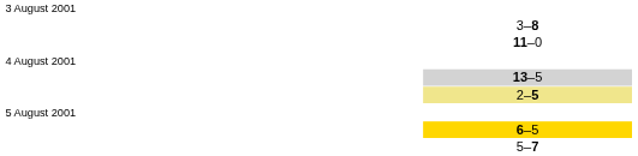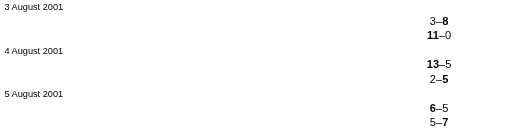 <table width=100% cellspacing=1>
 <tr>
 <th width=40%></th>
 <th width=20%></th>
 <th></th>
 </tr>
 <tr>
 <td><small>3 August 2001</small></td>
 </tr>
 <tr>
 <td align=right></td>
 <td align=center>3–<strong>8</strong></td>
 <td><strong></strong></td>
 </tr>
 <tr>
 <td align=right><strong></strong></td>
 <td align=center><strong>11</strong>–0</td>
 <td></td>
 </tr>
 <tr>
 <td><small>4 August 2001</small></td>
 </tr>
 <tr>
 <td align=right><strong></strong></td>
-<td align=center style="background: lightgrey;"><strong>13</strong>–5</td>
+<td align=center><strong>13</strong>–5</td>
 <td></td>
 </tr>
 <tr>
 <td align=right></td>
-<td align=center style="background: khaki;">2–<strong>5</strong></td>
+<td align=center>2–<strong>5</strong></td>
 <td><strong></strong></td>
 </tr>
 <tr>
 <td><small>5 August 2001</small></td>
 </tr>
 <tr>
 <td align=right><strong></strong></td>
-<td align=center style="background: gold;"><strong>6</strong>–5 </td>
+<td align=center><strong>6</strong>–5 </td>
 <td></td>
 </tr>
 <tr>
 <td align=right></td>
 <td align=center>5–<strong>7</strong></td>
 <td><strong></strong></td>
 </tr>
 </table>
